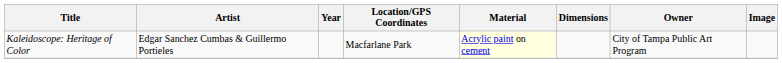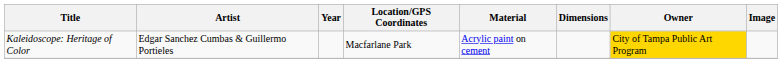 <table class="wikitable sortable">
 <tr>
 <th>Title</th>
 <th>Artist</th>
 <th>Year</th>
 <th>Location/GPS Coordinates</th>
 <th>Material</th>
 <th>Dimensions</th>
 <th>Owner</th>
 <th>Image</th>
 </tr>
 <tr>
 <td><em>Kaleidoscope: Heritage of Color</em></td>
 <td>Edgar Sanchez Cumbas & Guillermo Portieles</td>
 <td></td>
 <td>Macfarlane Park</td>
-<td style="background: lightyellow;"><a href='#'>Acrylic paint</a> on <a href='#'>cement</a></td>
+<td><a href='#'>Acrylic paint</a> on <a href='#'>cement</a></td>
 <td></td>
-<td>City of Tampa Public Art Program</td>
+<td style="background: gold;">City of Tampa Public Art Program</td>
 <td></td>
 </tr>
 <tr>
 </tr>
 </table>
